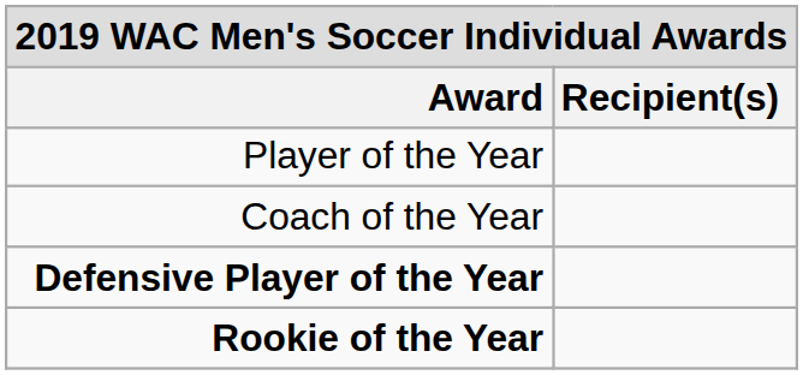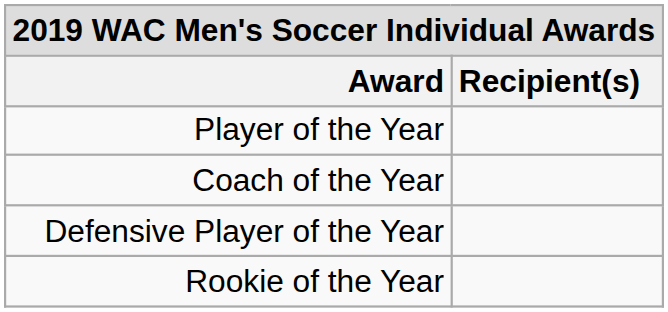 <table class="wikitable" style="white-space:nowrap; font-size:90%;">
 <tr>
 <td colspan="7" style="text-align:center; background:#ddd;"><strong>2019 WAC Men's Soccer Individual Awards</strong></td>
 </tr>
 <tr>
 <th style="text-align:right;">Award</th>
 <th style="text-align:left;">Recipient(s)</th>
 </tr>
 <tr>
 <td style="text-align:right;">Player of the Year</td>
 <td style="text-align:left;"></td>
 </tr>
 <tr>
 <td style="text-align:right;">Coach of the Year</td>
 <td style="text-align:left;"></td>
 </tr>
 <tr>
-<td style="text-align:right;"><strong>Defensive Player of the Year</strong></td>
+<td style="text-align:right;">Defensive Player of the Year</td>
 <td style="text-align:left;"></td>
 </tr>
 <tr>
-<td style="text-align:right;"><strong>Rookie of the Year</strong></td>
+<td style="text-align:right;">Rookie of the Year</td>
 <td style="text-align:left;"></td>
 </tr>
 </table>
